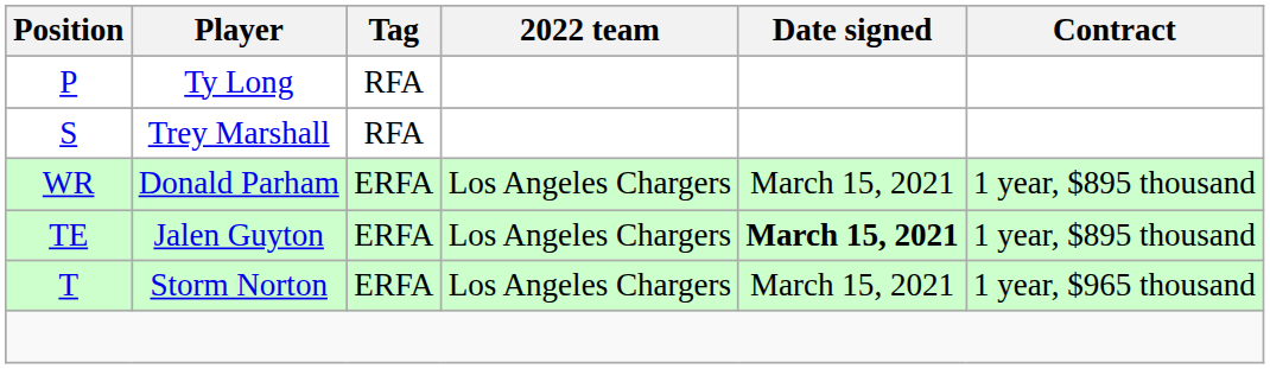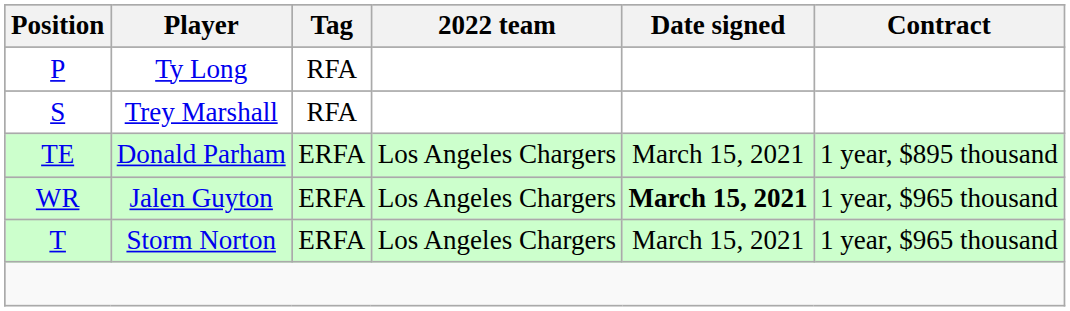 <table class="wikitable" style="text-align:center">
 <tr>
 <th>Position</th>
 <th>Player</th>
 <th>Tag</th>
 <th>2022 team</th>
 <th>Date signed</th>
 <th>Contract</th>
 </tr>
 <tr style="background:#fff">
 <td><a href='#'>P</a></td>
 <td><a href='#'>Ty Long</a></td>
 <td>RFA</td>
 <td></td>
 <td></td>
 <td></td>
 </tr>
 <tr style="background:#fff">
 <td><a href='#'>S</a></td>
 <td><a href='#'>Trey Marshall</a></td>
 <td>RFA</td>
 <td></td>
 <td></td>
 <td></td>
 </tr>
 <tr style="background:#cfc">
-<td><a href='#'>WR</a></td>
+<td><a href='#'>TE</a></td>
 <td><a href='#'>Donald Parham</a></td>
 <td>ERFA</td>
 <td>Los Angeles Chargers</td>
 <td>March 15, 2021</td>
 <td>1 year, $895 thousand</td>
 </tr>
 <tr style="background:#cfc">
-<td><a href='#'>TE</a></td>
+<td><a href='#'>WR</a></td>
 <td><a href='#'>Jalen Guyton</a></td>
 <td>ERFA</td>
 <td>Los Angeles Chargers</td>
 <td><strong>March 15, 2021</strong></td>
-<td>1 year, $895 thousand</td>
+<td>1 year, $965 thousand</td>
 </tr>
 <tr style="background:#cfc">
 <td><a href='#'>T</a></td>
 <td><a href='#'>Storm Norton</a></td>
 <td>ERFA</td>
 <td>Los Angeles Chargers</td>
 <td>March 15, 2021</td>
 <td>1 year, $965 thousand</td>
 </tr>
 <tr>
 <td colspan=6><br></td>
 </tr>
 </table>
